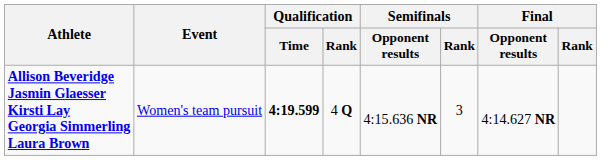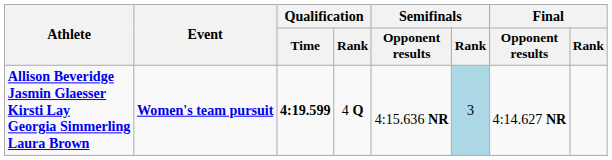 <table class="wikitable" style="font-size:90%">
 <tr>
 <th rowspan=2>Athlete</th>
 <th rowspan=2>Event</th>
 <th colspan=2>Qualification</th>
 <th colspan=2>Semifinals</th>
 <th colspan=2>Final</th>
 </tr>
 <tr style="font-size:95%">
 <th>Time</th>
 <th>Rank</th>
 <th>Opponent<br>results</th>
 <th>Rank</th>
 <th>Opponent<br>results</th>
 <th>Rank</th>
 </tr>
 <tr align=center>
 <td align=left><strong><a href='#'>Allison Beveridge</a><br><a href='#'>Jasmin Glaesser</a><br><a href='#'>Kirsti Lay</a><br><a href='#'>Georgia Simmerling</a><br><a href='#'>Laura Brown</a></strong></td>
-<td align=left><a href='#'>Women's team pursuit</a></td>
+<td align=left><strong><a href='#'>Women's team pursuit</a></strong></td>
 <td><strong>4:19.599</strong></td>
 <td>4 <strong>Q</strong></td>
 <td><br>4:15.636 <strong>NR</strong></td>
-<td>3</td>
+<td style="background: lightblue;">3</td>
 <td><br>4:14.627 <strong>NR</strong></td>
 <td></td>
 </tr>
 </table>
